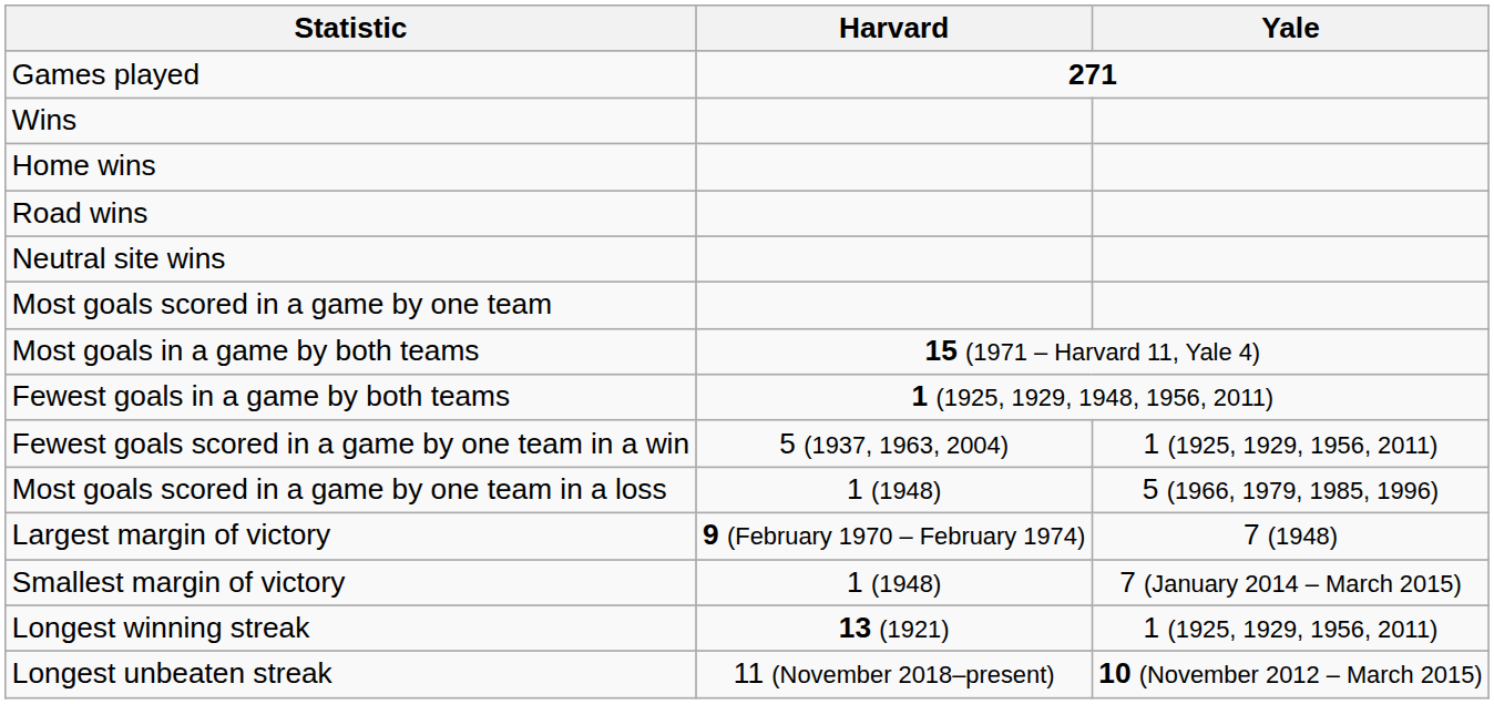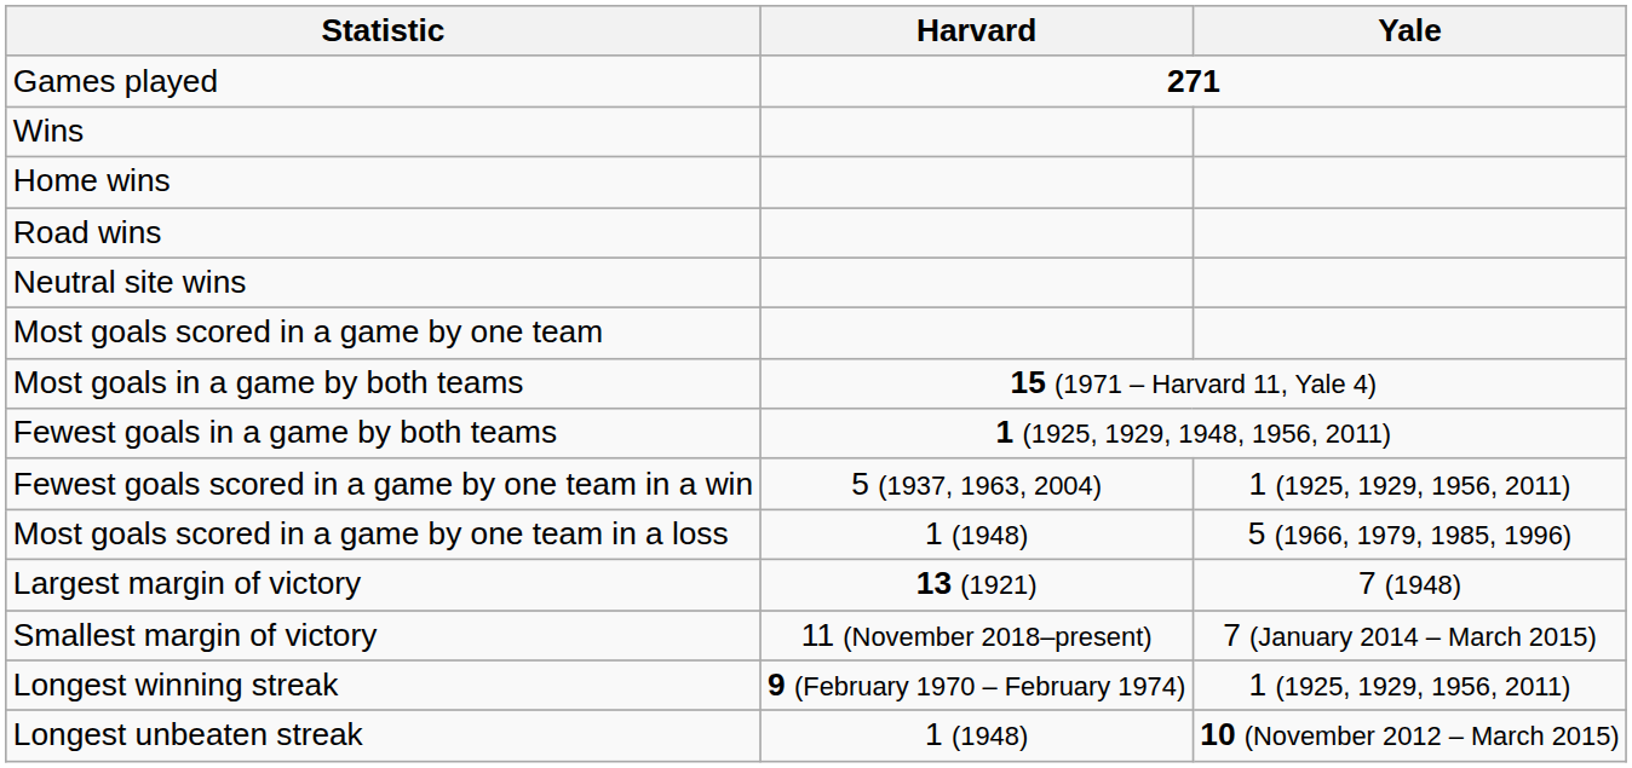 <table class="wikitable">
 <tr>
 <th>Statistic</th>
 <th width=px>Harvard</th>
 <th width=px>Yale</th>
 </tr>
 <tr>
 <td>Games played</td>
 <td align=center colspan=2><strong>271</strong></td>
 </tr>
 <tr>
 <td>Wins</td>
 <td></td>
 <td></td>
 </tr>
 <tr>
 <td>Home wins</td>
 <td></td>
 <td></td>
 </tr>
 <tr>
 <td>Road wins</td>
 <td></td>
 <td></td>
 </tr>
 <tr>
 <td>Neutral site wins</td>
 <td></td>
 <td></td>
 </tr>
 <tr>
 <td>Most goals scored in a game by one team</td>
 <td></td>
 <td></td>
 </tr>
 <tr>
 <td>Most goals in a game by both teams</td>
 <td align=center colspan=2><strong>15</strong> <small>(1971 – Harvard 11, Yale 4)</small></td>
 </tr>
 <tr>
 <td>Fewest goals in a game by both teams</td>
 <td align=center colspan=2><strong>1</strong> <small>(1925, 1929, 1948, 1956, 2011)</small></td>
 </tr>
 <tr>
 <td>Fewest goals scored in a game by one team in a win</td>
 <td align=center>5 <small>(1937, 1963, 2004)</small></td>
 <td align=center>1 <small>(1925, 1929, 1956, 2011)</small></td>
 </tr>
 <tr>
 <td>Most goals scored in a game by one team in a loss</td>
 <td align=center>1 <small>(1948)</small></td>
 <td align=center>5 <small>(1966, 1979, 1985, 1996)</small></td>
 </tr>
 <tr>
 <td>Largest margin of victory</td>
-<td align=center><strong>9</strong> <small>(February 1970 – February 1974)</small></td>
+<td align=center><strong>13</strong> <small>(1921)</small></td>
 <td align=center>7 <small>(1948)</small></td>
 </tr>
 <tr>
 <td>Smallest margin of victory</td>
-<td align=center>1 <small>(1948)</small></td>
+<td align=center>11 <small>(November 2018–present)</small></td>
 <td align=center>7 <small>(January 2014 – March 2015)</small></td>
 </tr>
 <tr>
 <td>Longest winning streak</td>
-<td align=center><strong>13</strong> <small>(1921)</small></td>
+<td align=center><strong>9</strong> <small>(February 1970 – February 1974)</small></td>
 <td align=center>1 <small>(1925, 1929, 1956, 2011)</small></td>
 </tr>
 <tr>
 <td>Longest unbeaten streak</td>
-<td align=center>11 <small>(November 2018–present)</small></td>
+<td align=center>1 <small>(1948)</small></td>
 <td align=center><strong>10</strong> <small>(November 2012 – March 2015)</small></td>
 </tr>
 </table>
